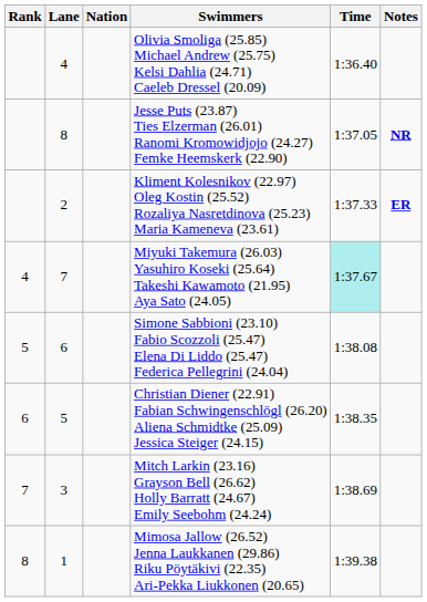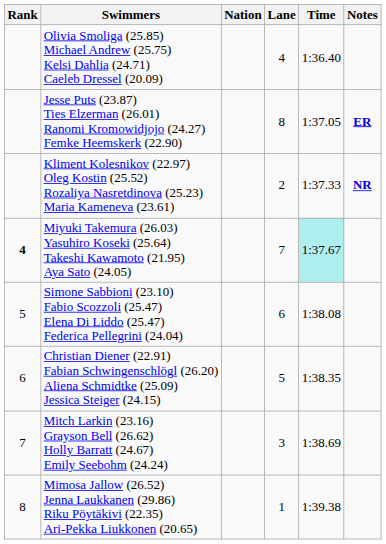 <table class="wikitable sortable" style="text-align:center">
 <tr>
 <th>Rank</th>
+<th>Swimmers</th>
+<th>Nation</th>
 <th>Lane</th>
-<th>Nation</th>
-<th>Swimmers</th>
 <th>Time</th>
 <th>Notes</th>
 </tr>
 <tr>
 <td></td>
+<td align=left><a href='#'>Olivia Smoliga</a> (25.85)<br><a href='#'>Michael Andrew</a> (25.75)<br><a href='#'>Kelsi Dahlia</a> (24.71)<br><a href='#'>Caeleb Dressel</a> (20.09)</td>
+<td align=left></td>
 <td>4</td>
-<td align=left></td>
-<td align=left><a href='#'>Olivia Smoliga</a> (25.85)<br><a href='#'>Michael Andrew</a> (25.75)<br><a href='#'>Kelsi Dahlia</a> (24.71)<br><a href='#'>Caeleb Dressel</a> (20.09)</td>
 <td>1:36.40</td>
 <td></td>
 </tr>
 <tr>
 <td></td>
+<td align=left><a href='#'>Jesse Puts</a> (23.87)<br><a href='#'>Ties Elzerman</a> (26.01)<br><a href='#'>Ranomi Kromowidjojo</a> (24.27)<br><a href='#'>Femke Heemskerk</a> (22.90)</td>
+<td align=left></td>
 <td>8</td>
+<td>1:37.05</td>
+<td><strong><a href='#'>ER</a></strong></td>
+</tr>
+<tr>
+<td></td>
+<td align=left><a href='#'>Kliment Kolesnikov</a> (22.97)<br><a href='#'>Oleg Kostin</a> (25.52)<br><a href='#'>Rozaliya Nasretdinova</a> (25.23)<br><a href='#'>Maria Kameneva</a> (23.61)</td>
 <td align=left></td>
-<td align=left><a href='#'>Jesse Puts</a> (23.87)<br><a href='#'>Ties Elzerman</a> (26.01)<br><a href='#'>Ranomi Kromowidjojo</a> (24.27)<br><a href='#'>Femke Heemskerk</a> (22.90)</td>
-<td>1:37.05</td>
+<td>2</td>
+<td>1:37.33</td>
 <td><strong><a href='#'>NR</a></strong></td>
 </tr>
 <tr>
-<td></td>
-<td>2</td>
+<td><strong>4</strong></td>
+<td align=left><a href='#'>Miyuki Takemura</a> (26.03) <br><a href='#'>Yasuhiro Koseki</a> (25.64)<br><a href='#'>Takeshi Kawamoto</a> (21.95)<br><a href='#'>Aya Sato</a> (24.05)</td>
 <td align=left></td>
-<td align=left><a href='#'>Kliment Kolesnikov</a> (22.97)<br><a href='#'>Oleg Kostin</a> (25.52)<br><a href='#'>Rozaliya Nasretdinova</a> (25.23)<br><a href='#'>Maria Kameneva</a> (23.61)</td>
-<td>1:37.33</td>
-<td><strong><a href='#'>ER</a></strong></td>
-</tr>
-<tr>
-<td>4</td>
 <td>7</td>
-<td align=left></td>
-<td align=left><a href='#'>Miyuki Takemura</a> (26.03) <br><a href='#'>Yasuhiro Koseki</a> (25.64)<br><a href='#'>Takeshi Kawamoto</a> (21.95)<br><a href='#'>Aya Sato</a> (24.05)</td>
 <td style="background: paleturquoise;">1:37.67</td>
 <td></td>
 </tr>
 <tr>
 <td>5</td>
+<td align=left><a href='#'>Simone Sabbioni</a> (23.10)<br><a href='#'>Fabio Scozzoli</a> (25.47)<br><a href='#'>Elena Di Liddo</a> (25.47)<br><a href='#'>Federica Pellegrini</a> (24.04)</td>
+<td align=left></td>
 <td>6</td>
-<td align=left></td>
-<td align=left><a href='#'>Simone Sabbioni</a> (23.10)<br><a href='#'>Fabio Scozzoli</a> (25.47)<br><a href='#'>Elena Di Liddo</a> (25.47)<br><a href='#'>Federica Pellegrini</a> (24.04)</td>
 <td>1:38.08</td>
 <td></td>
 </tr>
 <tr>
 <td>6</td>
+<td align=left><a href='#'>Christian Diener</a> (22.91)<br><a href='#'>Fabian Schwingenschlögl</a> (26.20)<br><a href='#'>Aliena Schmidtke</a> (25.09)<br><a href='#'>Jessica Steiger</a> (24.15)</td>
+<td align=left></td>
 <td>5</td>
-<td align=left></td>
-<td align=left><a href='#'>Christian Diener</a> (22.91)<br><a href='#'>Fabian Schwingenschlögl</a> (26.20)<br><a href='#'>Aliena Schmidtke</a> (25.09)<br><a href='#'>Jessica Steiger</a> (24.15)</td>
 <td>1:38.35</td>
 <td></td>
 </tr>
 <tr>
 <td>7</td>
+<td align=left><a href='#'>Mitch Larkin</a> (23.16)<br><a href='#'>Grayson Bell</a> (26.62)<br><a href='#'>Holly Barratt</a> (24.67)<br><a href='#'>Emily Seebohm</a> (24.24)</td>
+<td align=left></td>
 <td>3</td>
-<td align=left></td>
-<td align=left><a href='#'>Mitch Larkin</a> (23.16)<br><a href='#'>Grayson Bell</a> (26.62)<br><a href='#'>Holly Barratt</a> (24.67)<br><a href='#'>Emily Seebohm</a> (24.24)</td>
 <td>1:38.69</td>
 <td></td>
 </tr>
 <tr>
 <td>8</td>
+<td align=left><a href='#'>Mimosa Jallow</a> (26.52)<br><a href='#'>Jenna Laukkanen</a> (29.86)<br><a href='#'>Riku Pöytäkivi</a> (22.35)<br><a href='#'>Ari-Pekka Liukkonen</a> (20.65)</td>
+<td align=left></td>
 <td>1</td>
-<td align=left></td>
-<td align=left><a href='#'>Mimosa Jallow</a> (26.52)<br><a href='#'>Jenna Laukkanen</a> (29.86)<br><a href='#'>Riku Pöytäkivi</a> (22.35)<br><a href='#'>Ari-Pekka Liukkonen</a> (20.65)</td>
 <td>1:39.38</td>
 <td></td>
 </tr>
 </table>
